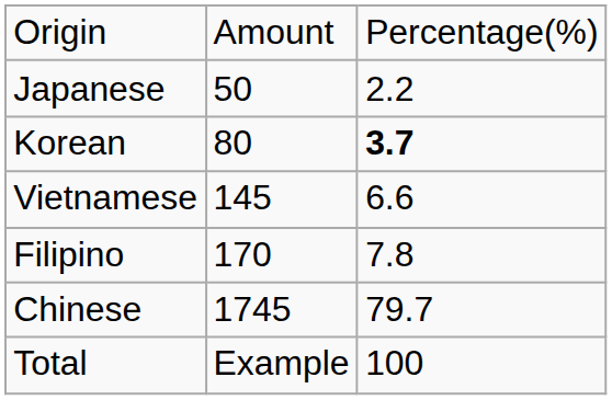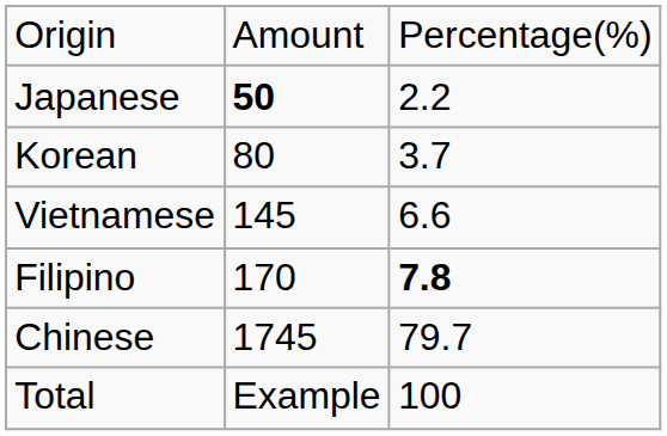 <table class="wikitable">
 <tr>
 <td>Origin</td>
 <td>Amount</td>
 <td>Percentage(%)</td>
 </tr>
 <tr>
 <td>Japanese</td>
-<td>50</td>
+<td><strong>50</strong></td>
 <td>2.2</td>
 </tr>
 <tr>
 <td>Korean</td>
 <td>80</td>
-<td><strong>3.7</strong></td>
+<td>3.7</td>
 </tr>
 <tr>
 <td>Vietnamese</td>
 <td>145</td>
 <td>6.6</td>
 </tr>
 <tr>
 <td>Filipino</td>
 <td>170</td>
-<td>7.8</td>
+<td><strong>7.8</strong></td>
 </tr>
 <tr>
 <td>Chinese</td>
 <td>1745</td>
 <td>79.7</td>
 </tr>
 <tr>
 <td>Total</td>
 <td>Example</td>
 <td>100</td>
 </tr>
 </table>
